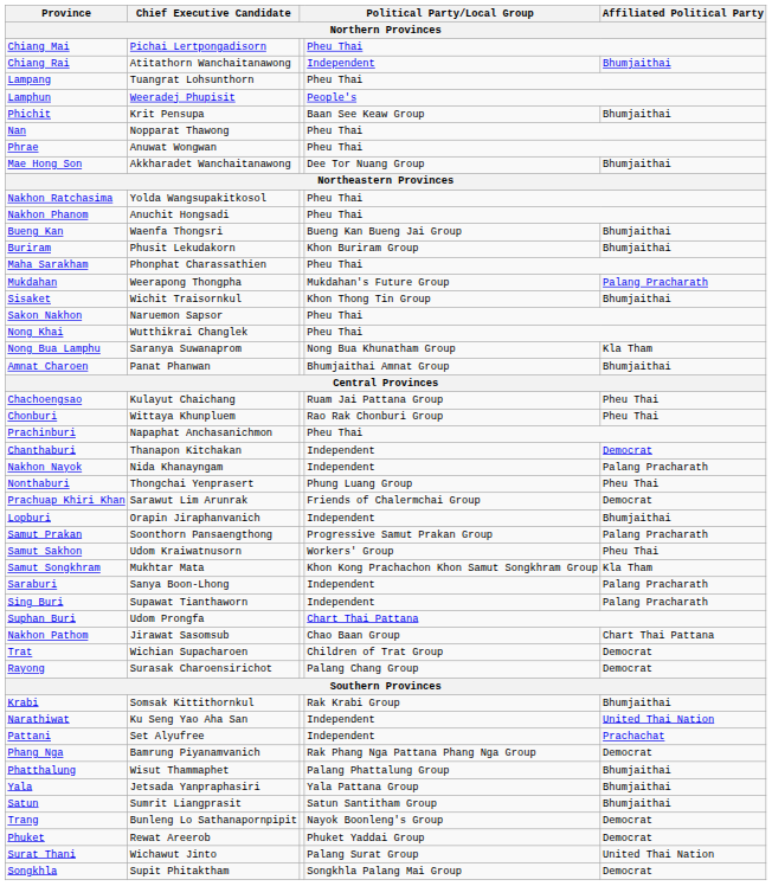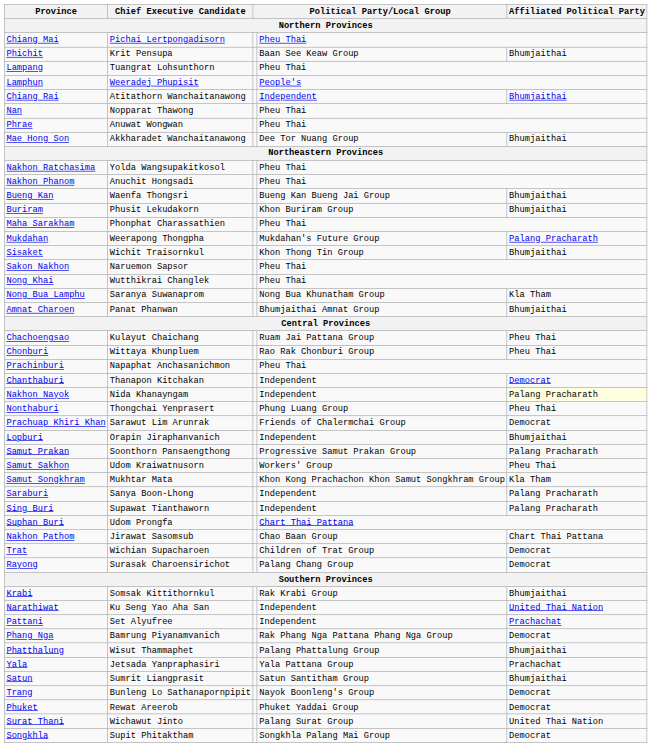 <table class="wikitable">
 <tr>
 <th>Province</th>
 <th>Chief Executive Candidate</th>
 <th colspan="2">Political Party/Local Group</th>
 <th>Affiliated Political Party</th>
 </tr>
 <tr>
 <th colspan="5"><strong>Northern Provinces</strong></th>
 </tr>
 <tr>
 <td><a href='#'>Chiang Mai</a></td>
 <td><a href='#'>Pichai Lertpongadisorn</a></td>
 <td style="color:inherit;background:"></td>
 <td colspan="2"><a href='#'>Pheu Thai</a></td>
 </tr>
 <tr>
-<td><a href='#'>Chiang Rai</a></td>
-<td>Atitathorn Wanchaitanawong</td>
+<td><a href='#'>Phichit</a></td>
+<td>Krit Pensupa</td>
 <td style="color:inherit;background:"></td>
-<td><a href='#'>Independent</a></td>
-<td><a href='#'>Bhumjaithai</a></td>
+<td>Baan See Keaw Group</td>
+<td>Bhumjaithai</td>
 </tr>
 <tr>
 <td><a href='#'>Lampang</a></td>
 <td>Tuangrat Lohsunthorn</td>
 <td style="color:inherit;background:"></td>
 <td colspan="2">Pheu Thai</td>
 </tr>
 <tr>
 <td><a href='#'>Lamphun</a></td>
 <td><a href='#'>Weeradej Phupisit</a></td>
 <td style="color:inherit;background:"></td>
 <td colspan="2"><a href='#'>People's</a></td>
 </tr>
 <tr>
-<td><a href='#'>Phichit</a></td>
-<td>Krit Pensupa</td>
+<td><a href='#'>Chiang Rai</a></td>
+<td>Atitathorn Wanchaitanawong</td>
 <td style="color:inherit;background:"></td>
-<td>Baan See Keaw Group</td>
-<td>Bhumjaithai</td>
+<td><a href='#'>Independent</a></td>
+<td><a href='#'>Bhumjaithai</a></td>
 </tr>
 <tr>
 <td><a href='#'>Nan</a></td>
 <td>Nopparat Thawong</td>
 <td style="color:inherit;background:"></td>
 <td colspan="2">Pheu Thai</td>
 </tr>
 <tr>
 <td><a href='#'>Phrae</a></td>
 <td>Anuwat Wongwan</td>
 <td style="color:inherit;background:"></td>
 <td colspan="2">Pheu Thai</td>
 </tr>
 <tr>
 <td><a href='#'>Mae Hong Son</a></td>
 <td>Akkharadet Wanchaitanawong</td>
 <td style="color:inherit;background:"></td>
 <td>Dee Tor Nuang Group</td>
 <td>Bhumjaithai</td>
 </tr>
 <tr>
 <th colspan="5"><strong>Northeastern Provinces</strong></th>
 </tr>
 <tr>
 <td><a href='#'>Nakhon Ratchasima</a></td>
 <td>Yolda Wangsupakitkosol</td>
 <td style="color:inherit;background:"></td>
 <td colspan="2">Pheu Thai</td>
 </tr>
 <tr>
 <td><a href='#'>Nakhon Phanom</a></td>
 <td>Anuchit Hongsadi</td>
 <td style="color:inherit;background:"></td>
 <td colspan="2">Pheu Thai</td>
 </tr>
 <tr>
 <td><a href='#'>Bueng Kan</a></td>
 <td>Waenfa Thongsri</td>
 <td style="color:inherit;background:"></td>
 <td>Bueng Kan Bueng Jai Group</td>
 <td>Bhumjaithai</td>
 </tr>
 <tr>
 <td><a href='#'>Buriram</a></td>
 <td>Phusit Lekudakorn</td>
 <td style="color:inherit;background:"></td>
 <td>Khon Buriram Group</td>
 <td>Bhumjaithai</td>
 </tr>
 <tr>
 <td><a href='#'>Maha Sarakham</a></td>
 <td>Phonphat Charassathien</td>
 <td style="color:inherit;background:"></td>
 <td colspan="2">Pheu Thai</td>
 </tr>
 <tr>
 <td><a href='#'>Mukdahan</a></td>
 <td>Weerapong Thongpha</td>
 <td style="color:inherit;background:"></td>
 <td>Mukdahan's Future Group</td>
 <td><a href='#'>Palang Pracharath</a></td>
 </tr>
 <tr>
 <td><a href='#'>Sisaket</a></td>
 <td>Wichit Traisornkul</td>
 <td style="color:inherit;background:"></td>
 <td>Khon Thong Tin Group</td>
 <td>Bhumjaithai</td>
 </tr>
 <tr>
 <td><a href='#'>Sakon Nakhon</a></td>
 <td>Naruemon Sapsor</td>
 <td style="color:inherit;background:"></td>
 <td colspan="2">Pheu Thai</td>
 </tr>
 <tr>
 <td><a href='#'>Nong Khai</a></td>
 <td>Wutthikrai Changlek</td>
 <td style="color:inherit;background:"></td>
 <td colspan="2">Pheu Thai</td>
 </tr>
 <tr>
 <td><a href='#'>Nong Bua Lamphu</a></td>
 <td>Saranya Suwanaprom</td>
 <td style="color:inherit;background:"></td>
 <td>Nong Bua Khunatham Group</td>
 <td>Kla Tham</td>
 </tr>
 <tr>
 <td><a href='#'>Amnat Charoen</a></td>
 <td>Panat Phanwan</td>
 <td style="color:inherit;background:"></td>
 <td>Bhumjaithai Amnat Group</td>
 <td>Bhumjaithai</td>
 </tr>
 <tr>
 <th colspan="5"><strong>Central Provinces</strong></th>
 </tr>
 <tr>
 <td><a href='#'>Chachoengsao</a></td>
 <td>Kulayut Chaichang</td>
 <td style="color:inherit;background:"></td>
 <td>Ruam Jai Pattana Group</td>
 <td>Pheu Thai</td>
 </tr>
 <tr>
 <td><a href='#'>Chonburi</a></td>
 <td>Wittaya Khunpluem</td>
 <td style="color:inherit;background:"></td>
 <td>Rao Rak Chonburi Group</td>
 <td>Pheu Thai</td>
 </tr>
 <tr>
 <td><a href='#'>Prachinburi</a></td>
 <td>Napaphat Anchasanichmon</td>
 <td style="color:inherit;background:"></td>
 <td colspan="2">Pheu Thai</td>
 </tr>
 <tr>
 <td><a href='#'>Chanthaburi</a></td>
 <td>Thanapon Kitchakan</td>
 <td style="color:inherit;background:"></td>
 <td>Independent</td>
 <td><a href='#'>Democrat</a></td>
 </tr>
 <tr>
 <td><a href='#'>Nakhon Nayok</a></td>
 <td>Nida Khanayngam</td>
 <td style="color:inherit;background:"></td>
 <td>Independent</td>
-<td>Palang Pracharath</td>
+<td style="background: lightyellow;">Palang Pracharath</td>
 </tr>
 <tr>
 <td><a href='#'>Nonthaburi</a></td>
 <td>Thongchai Yenprasert</td>
 <td style="color:inherit;background:"></td>
 <td>Phung Luang Group</td>
 <td>Pheu Thai</td>
 </tr>
 <tr>
 <td><a href='#'>Prachuap Khiri Khan</a></td>
 <td>Sarawut Lim Arunrak</td>
 <td style="color:inherit;background:"></td>
 <td>Friends of Chalermchai Group</td>
 <td>Democrat</td>
 </tr>
 <tr>
 <td><a href='#'>Lopburi</a></td>
 <td>Orapin Jiraphanvanich</td>
 <td style="color:inherit;background:"></td>
 <td>Independent</td>
 <td>Bhumjaithai</td>
 </tr>
 <tr>
 <td><a href='#'>Samut Prakan</a></td>
 <td>Soonthorn Pansaengthong</td>
 <td style="color:inherit;background:"></td>
 <td>Progressive Samut Prakan Group</td>
 <td>Palang Pracharath</td>
 </tr>
 <tr>
 <td><a href='#'>Samut Sakhon</a></td>
 <td>Udom Kraiwatnusorn</td>
 <td style="color:inherit;background:"></td>
 <td>Workers' Group</td>
 <td>Pheu Thai</td>
 </tr>
 <tr>
 <td><a href='#'>Samut Songkhram</a></td>
 <td>Mukhtar Mata</td>
 <td style="color:inherit;background:"></td>
 <td>Khon Kong Prachachon Khon Samut Songkhram Group</td>
 <td>Kla Tham</td>
 </tr>
 <tr>
 <td><a href='#'>Saraburi</a></td>
 <td>Sanya Boon-Lhong</td>
 <td style="color:inherit;background:"></td>
 <td>Independent</td>
 <td>Palang Pracharath</td>
 </tr>
 <tr>
 <td><a href='#'>Sing Buri</a></td>
 <td>Supawat Tianthaworn</td>
 <td style="color:inherit;background:"></td>
 <td>Independent</td>
 <td>Palang Pracharath</td>
 </tr>
 <tr>
 <td><a href='#'>Suphan Buri</a></td>
 <td>Udom Prongfa</td>
 <td style="color:inherit;background:"></td>
 <td colspan="2"><a href='#'>Chart Thai Pattana</a></td>
 </tr>
 <tr>
 <td><a href='#'>Nakhon Pathom</a></td>
 <td>Jirawat Sasomsub</td>
 <td style="color:inherit;background:"></td>
 <td>Chao Baan Group</td>
 <td>Chart Thai Pattana</td>
 </tr>
 <tr>
 <td><a href='#'>Trat</a></td>
 <td>Wichian Supacharoen</td>
 <td style="color:inherit;background:"></td>
 <td>Children of Trat Group</td>
 <td>Democrat</td>
 </tr>
 <tr>
 <td><a href='#'>Rayong</a></td>
 <td>Surasak Charoensirichot</td>
 <td style="color:inherit;background:"></td>
 <td>Palang Chang Group</td>
 <td>Democrat</td>
 </tr>
 <tr>
 <th colspan="5"><strong>Southern Provinces</strong></th>
 </tr>
 <tr>
 <td><a href='#'>Krabi</a></td>
 <td>Somsak Kittithornkul</td>
 <td style="color:inherit;background:"></td>
 <td>Rak Krabi Group</td>
 <td>Bhumjaithai</td>
 </tr>
 <tr>
 <td><a href='#'>Narathiwat</a></td>
 <td>Ku Seng Yao Aha San</td>
 <td style="color:inherit;background:"></td>
 <td>Independent</td>
 <td><a href='#'>United Thai Nation</a></td>
 </tr>
 <tr>
 <td><a href='#'>Pattani</a></td>
 <td>Set Alyufree</td>
 <td style="color:inherit;background:"></td>
 <td>Independent</td>
 <td><a href='#'>Prachachat</a></td>
 </tr>
 <tr>
 <td><a href='#'>Phang Nga</a></td>
 <td>Bamrung Piyanamvanich</td>
 <td style="color:inherit;background:"></td>
 <td>Rak Phang Nga Pattana Phang Nga Group</td>
 <td>Democrat</td>
 </tr>
 <tr>
 <td><a href='#'>Phatthalung</a></td>
 <td>Wisut Thammaphet</td>
 <td style="color:inherit;background:"></td>
 <td>Palang Phattalung Group</td>
 <td>Bhumjaithai</td>
 </tr>
 <tr>
 <td><a href='#'>Yala</a></td>
 <td>Jetsada Yanpraphasiri</td>
 <td style="color:inherit;background:"></td>
 <td>Yala Pattana Group</td>
-<td>Bhumjaithai</td>
+<td>Prachachat</td>
 </tr>
 <tr>
 <td><a href='#'>Satun</a></td>
 <td>Sumrit Liangprasit</td>
 <td style="color:inherit;background:"></td>
 <td>Satun Santitham Group</td>
 <td>Bhumjaithai</td>
 </tr>
 <tr>
 <td><a href='#'>Trang</a></td>
 <td>Bunleng Lo Sathanapornpipit</td>
 <td style="color:inherit;background:"></td>
 <td>Nayok Boonleng's Group</td>
 <td>Democrat</td>
 </tr>
 <tr>
 <td><a href='#'>Phuket</a></td>
 <td>Rewat Areerob</td>
 <td style="color:inherit;background:"></td>
 <td>Phuket Yaddai Group</td>
 <td>Democrat</td>
 </tr>
 <tr>
 <td><a href='#'>Surat Thani</a></td>
 <td>Wichawut Jinto</td>
 <td style="color:inherit;background:"></td>
 <td>Palang Surat Group</td>
 <td>United Thai Nation</td>
 </tr>
 <tr>
 <td><a href='#'>Songkhla</a></td>
 <td>Supit Phitaktham</td>
 <td style="color:inherit;background:"></td>
 <td>Songkhla Palang Mai Group</td>
 <td>Democrat</td>
 </tr>
 </table>
